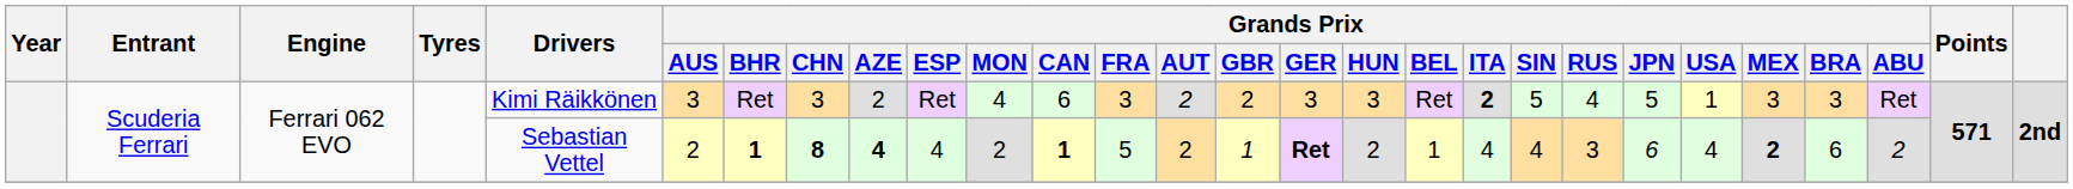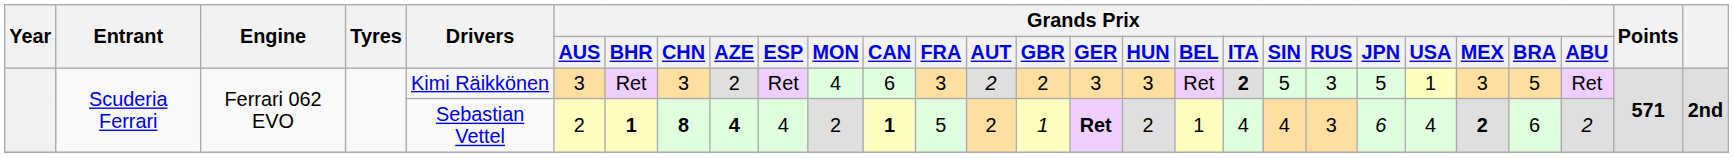 <table class="wikitable" style="text-align:center; font-size:90%">
 <tr>
 <th rowspan="2">Year</th>
 <th rowspan="2">Entrant</th>
 <th rowspan="2">Engine</th>
 <th rowspan="2">Tyres</th>
 <th rowspan="2">Drivers</th>
 <th colspan="21">Grands Prix</th>
 <th rowspan="2">Points</th>
 <th rowspan="2"></th>
 </tr>
 <tr>
 <th><a href='#'>AUS</a></th>
 <th><a href='#'>BHR</a></th>
 <th><a href='#'>CHN</a></th>
 <th><a href='#'>AZE</a></th>
 <th><a href='#'>ESP</a></th>
 <th><a href='#'>MON</a></th>
 <th><a href='#'>CAN</a></th>
 <th><a href='#'>FRA</a></th>
 <th><a href='#'>AUT</a></th>
 <th><a href='#'>GBR</a></th>
 <th><a href='#'>GER</a></th>
 <th><a href='#'>HUN</a></th>
 <th><a href='#'>BEL</a></th>
 <th><a href='#'>ITA</a></th>
 <th><a href='#'>SIN</a></th>
 <th><a href='#'>RUS</a></th>
 <th><a href='#'>JPN</a></th>
 <th><a href='#'>USA</a></th>
 <th><a href='#'>MEX</a></th>
 <th><a href='#'>BRA</a></th>
 <th><a href='#'>ABU</a></th>
 </tr>
 <tr>
 <th rowspan="2"></th>
 <td rowspan="2"><a href='#'>Scuderia Ferrari</a></td>
 <td rowspan="2">Ferrari 062 EVO</td>
 <td rowspan="2"></td>
 <td><a href='#'>Kimi Räikkönen</a></td>
 <td style="background-color:#ffdf9f">3</td>
 <td style="background-color:#efcfff">Ret</td>
 <td style="background-color:#ffdf9f">3</td>
 <td style="background-color:#dfdfdf">2</td>
 <td style="background-color:#efcfff">Ret</td>
 <td style="background-color:#dfffdf">4</td>
 <td style="background-color:#dfffdf">6</td>
 <td style="background-color:#ffdf9f">3</td>
 <td style="background-color:#dfdfdf"><em>2</em></td>
 <td style="background-color:#ffdf9f">2</td>
 <td style="background-color:#ffdf9f">3</td>
 <td style="background-color:#ffdf9f">3</td>
 <td style="background-color:#efcfff">Ret</td>
 <td style="background-color:#dfdfdf"><strong>2</strong></td>
 <td style="background-color:#dfffdf">5</td>
-<td style="background-color:#dfffdf">4</td>
+<td style="background-color:#dfffdf">3</td>
 <td style="background-color:#dfffdf">5</td>
 <td style="background-color:#ffffbf">1</td>
 <td style="background-color:#ffdf9f">3</td>
-<td style="background-color:#ffdf9f">3</td>
+<td style="background-color:#ffdf9f">5</td>
 <td style="background-color:#efcfff">Ret</td>
 <td rowspan="2" style="background-color:#dfdfdf"><strong>571</strong></td>
 <td rowspan="2" style="background-color:#dfdfdf"><strong>2nd</strong></td>
 </tr>
 <tr>
 <td><a href='#'>Sebastian Vettel</a></td>
 <td style="background-color:#ffffbf">2</td>
 <td style="background-color:#ffffbf"><strong>1</strong></td>
 <td style="background-color:#dfffdf"><strong>8</strong></td>
 <td style="background-color:#dfffdf"><strong>4</strong></td>
 <td style="background-color:#dfffdf">4</td>
 <td style="background-color:#dfdfdf">2</td>
 <td style="background-color:#ffffbf"><strong>1</strong></td>
 <td style="background-color:#dfffdf">5</td>
 <td style="background-color:#ffdf9f">2</td>
 <td style="background-color:#ffffbf"><em>1</em></td>
 <td style="background-color:#efcfff"><strong>Ret</strong></td>
 <td style="background-color:#dfdfdf">2</td>
 <td style="background-color:#ffffbf">1</td>
 <td style="background-color:#dfffdf">4</td>
 <td style="background-color:#ffdf9f">4</td>
 <td style="background-color:#ffdf9f">3</td>
 <td style="background-color:#dfffdf"><em>6</em></td>
 <td style="background-color:#dfffdf">4</td>
 <td style="background-color:#dfdfdf"><strong>2</strong></td>
 <td style="background-color:#dfffdf">6</td>
 <td style="background-color:#dfdfdf"><em>2</em></td>
 </tr>
 <tr>
 </tr>
 </table>
